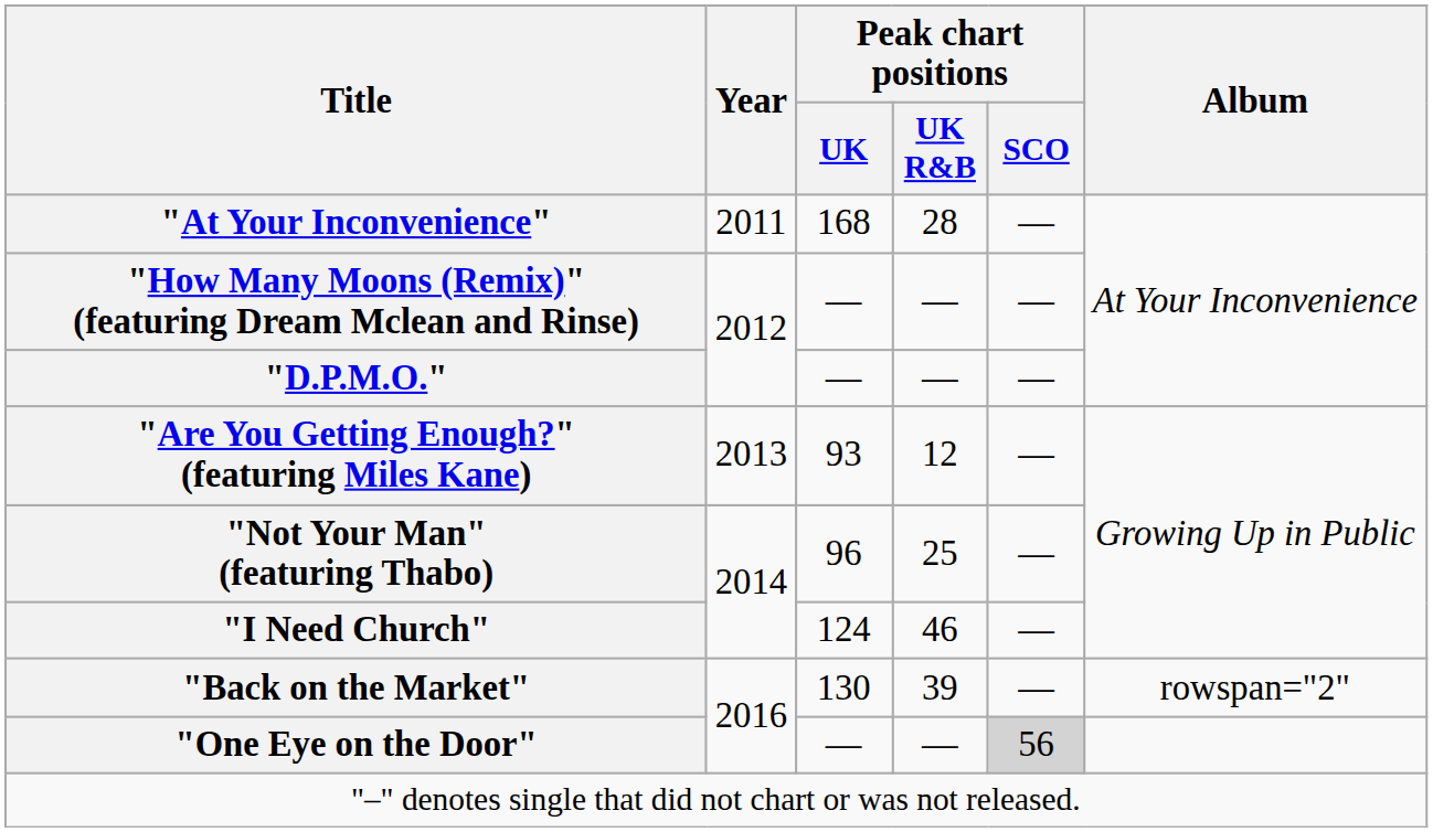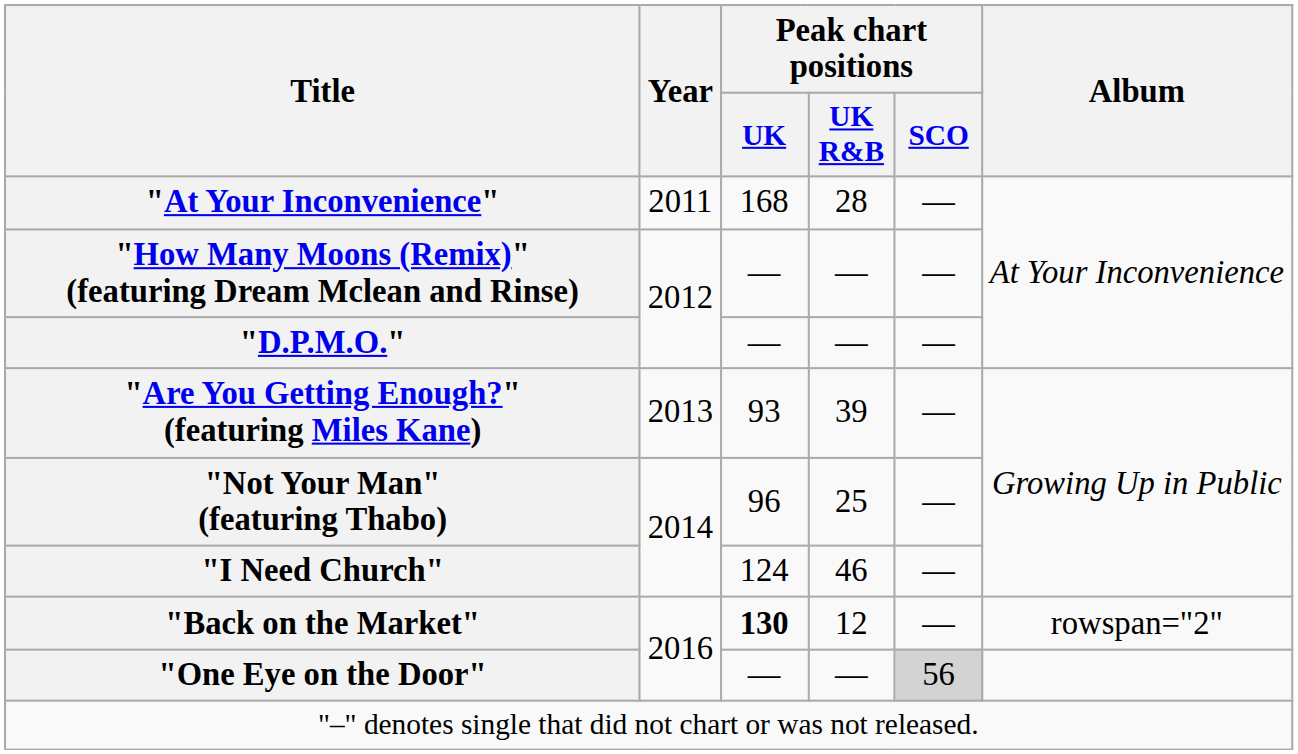 <table class="wikitable plainrowheaders" style="text-align:center;" border="1">
 <tr>
 <th scope="col" rowspan="2" style="width:19em;">Title</th>
 <th scope="col" rowspan="2" style="width:1em;">Year</th>
 <th scope="col" colspan="3">Peak chart positions</th>
 <th scope="col" rowspan="2">Album</th>
 </tr>
 <tr>
 <th scope="col" style="width:2.5em;font-size:90%;"><a href='#'>UK</a><br></th>
 <th scope="col" style="width:2.5em;font-size:90%;"><a href='#'>UK R&B</a><br></th>
 <th scope="col" style="width:2.5em;font-size:90%;"><a href='#'>SCO</a><br></th>
 </tr>
 <tr>
 <th scope="row">"<a href='#'>At Your Inconvenience</a>"</th>
 <td>2011</td>
 <td>168</td>
 <td>28</td>
 <td>—</td>
 <td rowspan="3"><em>At Your Inconvenience</em></td>
 </tr>
 <tr>
 <th scope="row">"<a href='#'>How Many Moons (Remix)</a>"<br><span>(featuring Dream Mclean and Rinse)</span></th>
 <td rowspan="2">2012</td>
 <td>—</td>
 <td>—</td>
 <td>—</td>
 </tr>
 <tr>
 <th scope="row">"<a href='#'>D.P.M.O.</a>"</th>
 <td>—</td>
 <td>—</td>
 <td>—</td>
 </tr>
 <tr>
 <th scope="row">"<a href='#'>Are You Getting Enough?</a>"<br><span>(featuring <a href='#'>Miles Kane</a>)</span></th>
 <td>2013</td>
 <td>93</td>
-<td>12</td>
+<td>39</td>
 <td>—</td>
 <td rowspan="3"><em>Growing Up in Public</em></td>
 </tr>
 <tr>
 <th scope="row">"Not Your Man"<br><span>(featuring Thabo)</span></th>
 <td rowspan="2">2014</td>
 <td>96</td>
 <td>25</td>
 <td>—</td>
 </tr>
 <tr>
 <th scope="row">"I Need Church"</th>
 <td>124</td>
 <td>46</td>
 <td>—</td>
 </tr>
 <tr>
 <th scope="row">"Back on the Market"</th>
 <td rowspan="2">2016</td>
-<td>130</td>
-<td>39</td>
+<td><strong>130</strong></td>
+<td>12</td>
 <td>—</td>
 <td>rowspan="2" </td>
 </tr>
 <tr>
 <th scope="row">"One Eye on the Door"</th>
 <td>—</td>
 <td>—</td>
 <td style="background: lightgrey;">56</td>
 </tr>
 <tr>
 <td colspan="14" style="text-align:center; font-size:90%;">"–" denotes single that did not chart or was not released.</td>
 </tr>
 </table>
